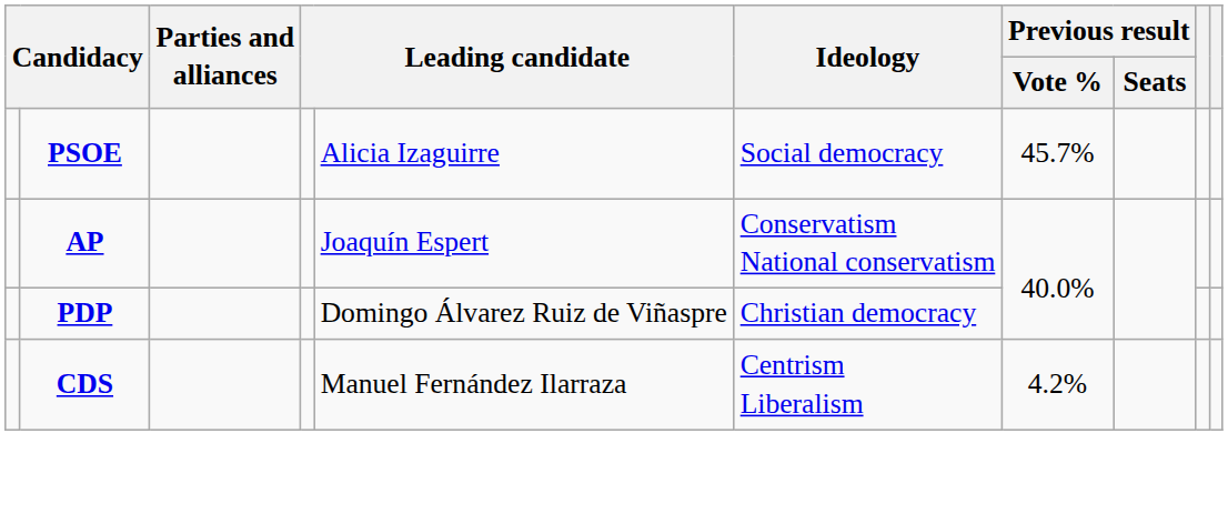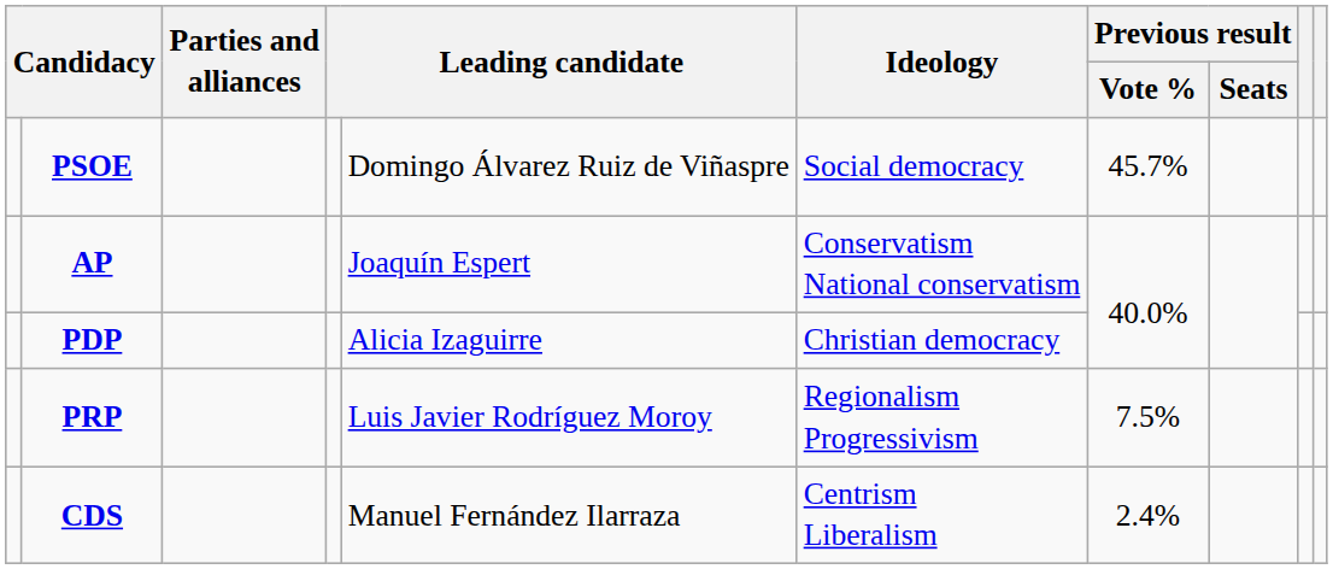 <table class="wikitable" style="line-height:1.35em; text-align:left;">
 <tr>
 <th colspan="2" rowspan="2">Candidacy</th>
 <th rowspan="2">Parties and<br>alliances</th>
 <th colspan="2" rowspan="2">Leading candidate</th>
 <th rowspan="2">Ideology</th>
 <th colspan="2">Previous result</th>
 <th rowspan="2"></th>
 <th rowspan="2"></th>
 </tr>
 <tr>
 <th>Vote %</th>
 <th>Seats</th>
 </tr>
 <tr>
 <td width="1" style="color:inherit;background:"></td>
 <td align="center"><strong><a href='#'>PSOE</a></strong></td>
 <td></td>
 <td></td>
-<td><a href='#'>Alicia Izaguirre</a></td>
+<td>Domingo Álvarez Ruiz de Viñaspre</td>
 <td><a href='#'>Social democracy</a></td>
 <td align="center">45.7%</td>
 <td></td>
 <td></td>
 <td><br><br></td>
 </tr>
 <tr>
 <td style="color:inherit;background:"></td>
 <td align="center"><strong><a href='#'>AP</a></strong></td>
 <td></td>
 <td></td>
 <td><a href='#'>Joaquín Espert</a></td>
 <td><a href='#'>Conservatism</a><br><a href='#'>National conservatism</a></td>
 <td rowspan="2" align="center"><br>40.0%<br></td>
 <td rowspan="2"></td>
 <td></td>
 <td><br></td>
 </tr>
 <tr>
 <td style="color:inherit;background:"></td>
 <td align="center"><strong><a href='#'>PDP</a></strong></td>
 <td></td>
 <td></td>
-<td>Domingo Álvarez Ruiz de Viñaspre</td>
+<td><a href='#'>Alicia Izaguirre</a></td>
 <td><a href='#'>Christian democracy</a></td>
+<td></td>
+<td></td>
+</tr>
+<tr>
+<td style="color:inherit;background:"></td>
+<td align="center"><strong><a href='#'>PRP</a></strong></td>
+<td></td>
+<td></td>
+<td><a href='#'>Luis Javier Rodríguez Moroy</a></td>
+<td><a href='#'>Regionalism</a><br><a href='#'>Progressivism</a></td>
+<td align="center">7.5%</td>
+<td></td>
 <td></td>
 <td></td>
 </tr>
 <tr>
 <td style="color:inherit;background:"></td>
 <td align="center"><strong><a href='#'>CDS</a></strong></td>
 <td></td>
 <td></td>
 <td>Manuel Fernández Ilarraza</td>
 <td><a href='#'>Centrism</a><br><a href='#'>Liberalism</a></td>
-<td align="center">4.2%</td>
+<td align="center">2.4%</td>
 <td></td>
 <td></td>
 <td></td>
 </tr>
 </table>
